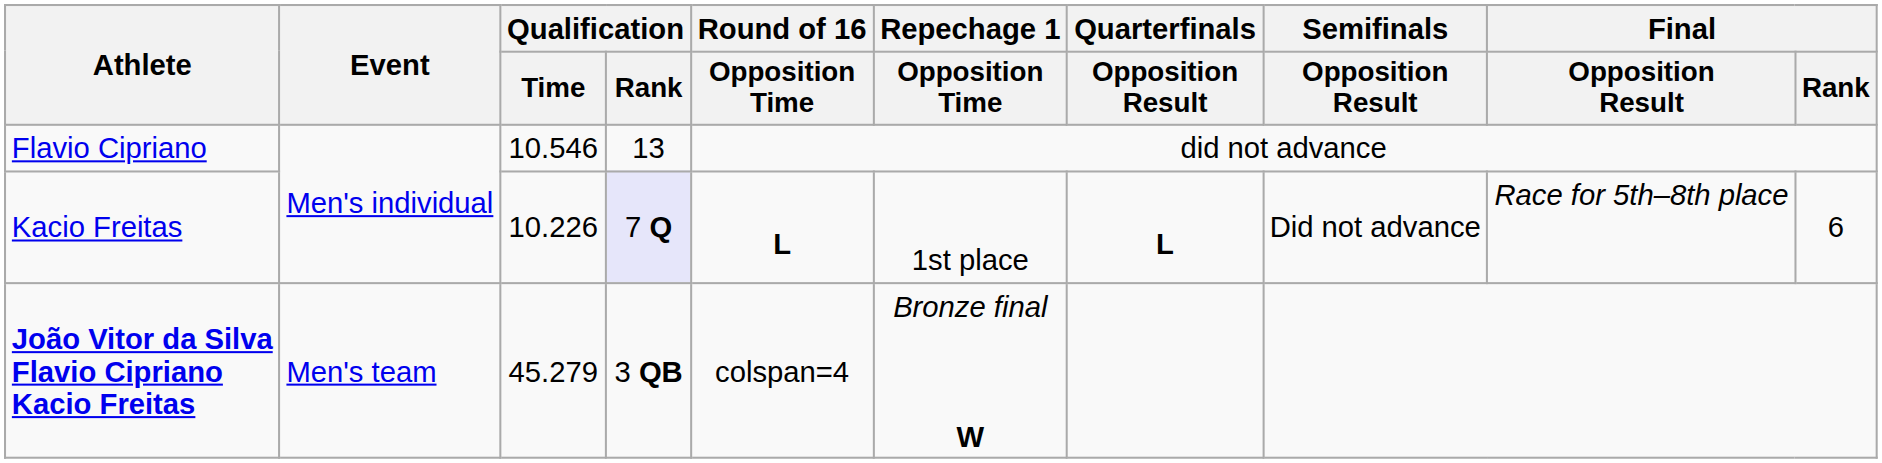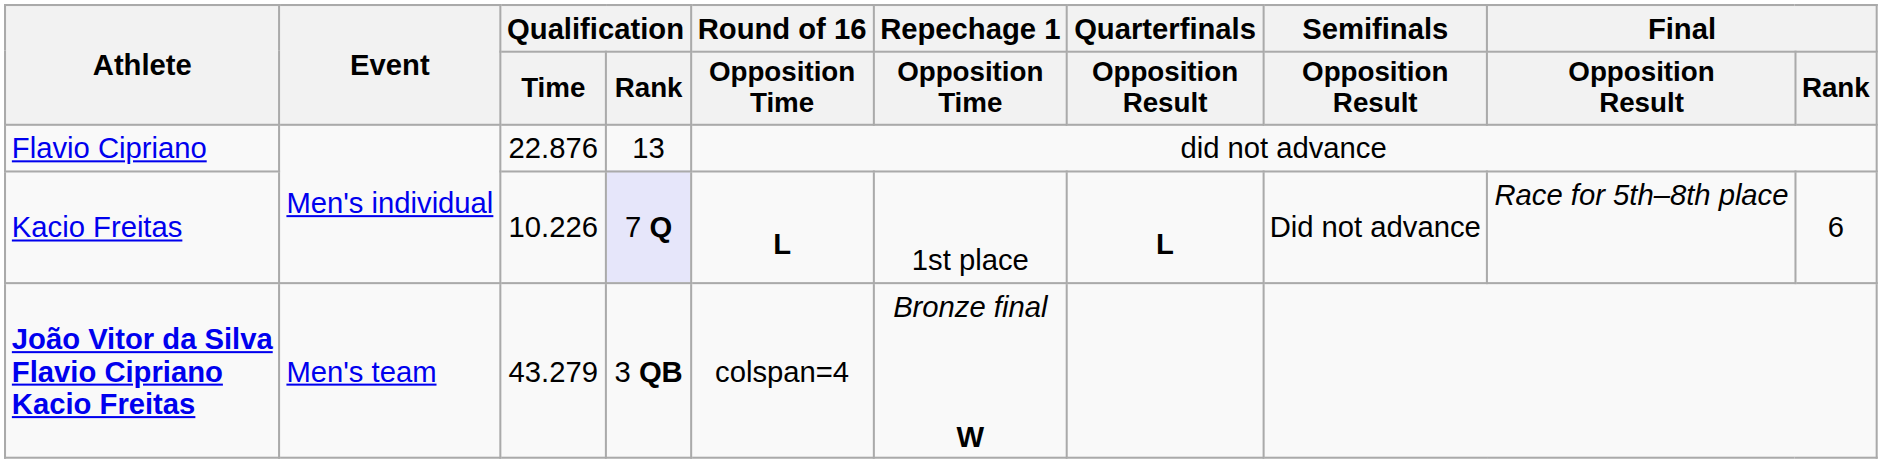 <table class=wikitable style="font-size:90%;">
 <tr>
 <th rowspan=2>Athlete</th>
 <th rowspan=2>Event</th>
 <th colspan=2>Qualification</th>
 <th>Round of 16</th>
 <th>Repechage 1</th>
 <th>Quarterfinals</th>
 <th>Semifinals</th>
 <th colspan=2>Final</th>
 </tr>
 <tr style="font-size:95%">
 <th>Time</th>
 <th>Rank</th>
 <th>Opposition<br>Time</th>
 <th>Opposition<br>Time</th>
 <th>Opposition<br>Result</th>
 <th>Opposition<br>Result</th>
 <th>Opposition<br>Result</th>
 <th>Rank</th>
 </tr>
 <tr align=center>
 <td align=left><a href='#'>Flavio Cipriano</a></td>
 <td align=left rowspan=2><a href='#'>Men's individual</a></td>
-<td>10.546</td>
+<td>22.876</td>
 <td>13</td>
 <td colspan=6>did not advance</td>
 </tr>
 <tr align=center>
 <td align=left><a href='#'>Kacio Freitas</a></td>
 <td>10.226</td>
 <td style="background: lavender;">7 <strong>Q</strong></td>
 <td><br><strong>L</strong></td>
 <td><br><br>1st place</td>
 <td><br><strong>L</strong></td>
 <td>Did not advance</td>
 <td><em>Race for 5th–8th place</em><br><br><br></td>
 <td>6 </td>
 </tr>
 <tr align=center>
 <td align=left><strong><a href='#'>João Vitor da Silva</a></strong><br><strong><a href='#'>Flavio Cipriano</a></strong><br><strong><a href='#'>Kacio Freitas</a></strong></td>
 <td align=left><a href='#'>Men's team</a></td>
-<td>45.279</td>
+<td>43.279</td>
 <td>3 <strong>QB</strong></td>
 <td>colspan=4 </td>
 <td><em>Bronze final</em><br><br><br><br><strong>W</strong></td>
 <td> </td>
 </tr>
 </table>
